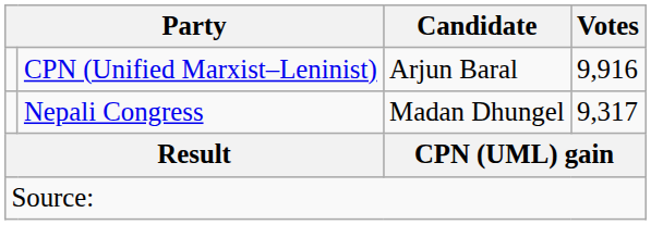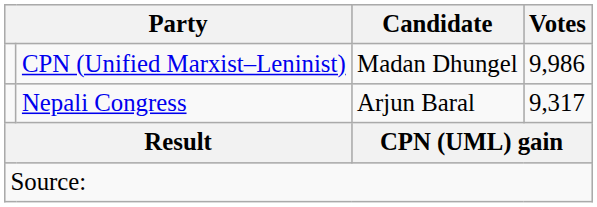 <table class="wikitable">
 <tr>
 <th colspan="2">Party</th>
 <th>Candidate</th>
 <th>Votes</th>
 </tr>
 <tr>
 <td style="background-color:"></td>
 <td><a href='#'>CPN (Unified Marxist–Leninist)</a></td>
-<td>Arjun Baral</td>
-<td>9,916</td>
+<td>Madan Dhungel</td>
+<td>9,986</td>
 </tr>
 <tr>
 <td style="background-color:"></td>
 <td><a href='#'>Nepali Congress</a></td>
-<td>Madan Dhungel</td>
+<td>Arjun Baral</td>
 <td>9,317</td>
 </tr>
 <tr>
 <th colspan="2">Result</th>
 <th colspan="2">CPN (UML) gain</th>
 </tr>
 <tr>
 <td colspan="4">Source: </td>
 </tr>
 </table>
